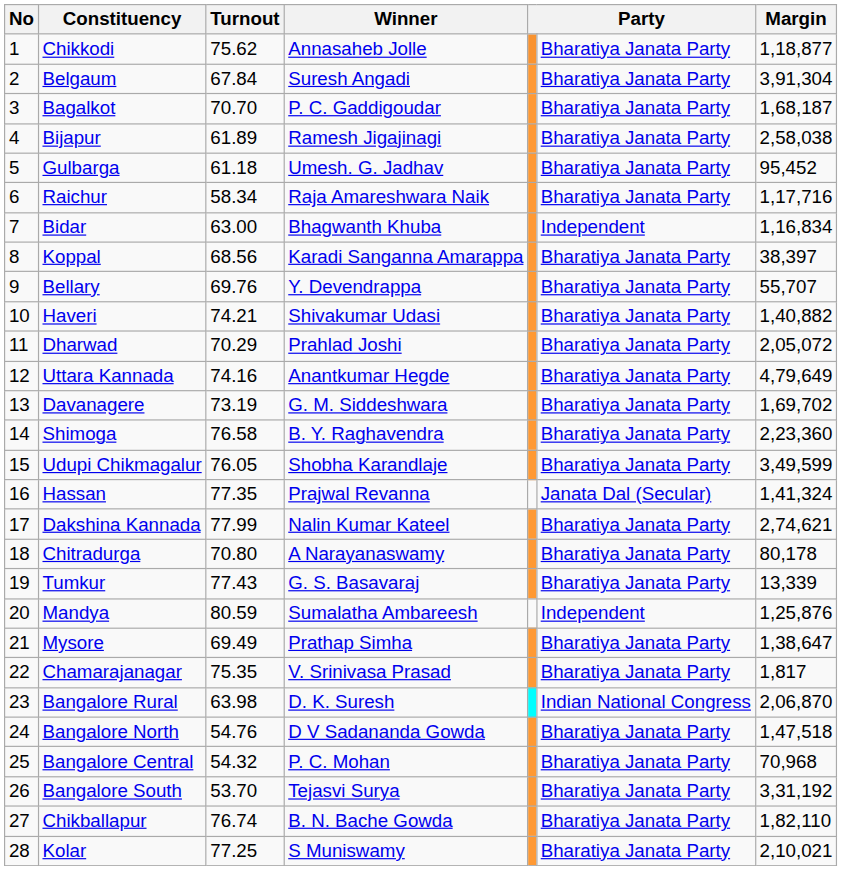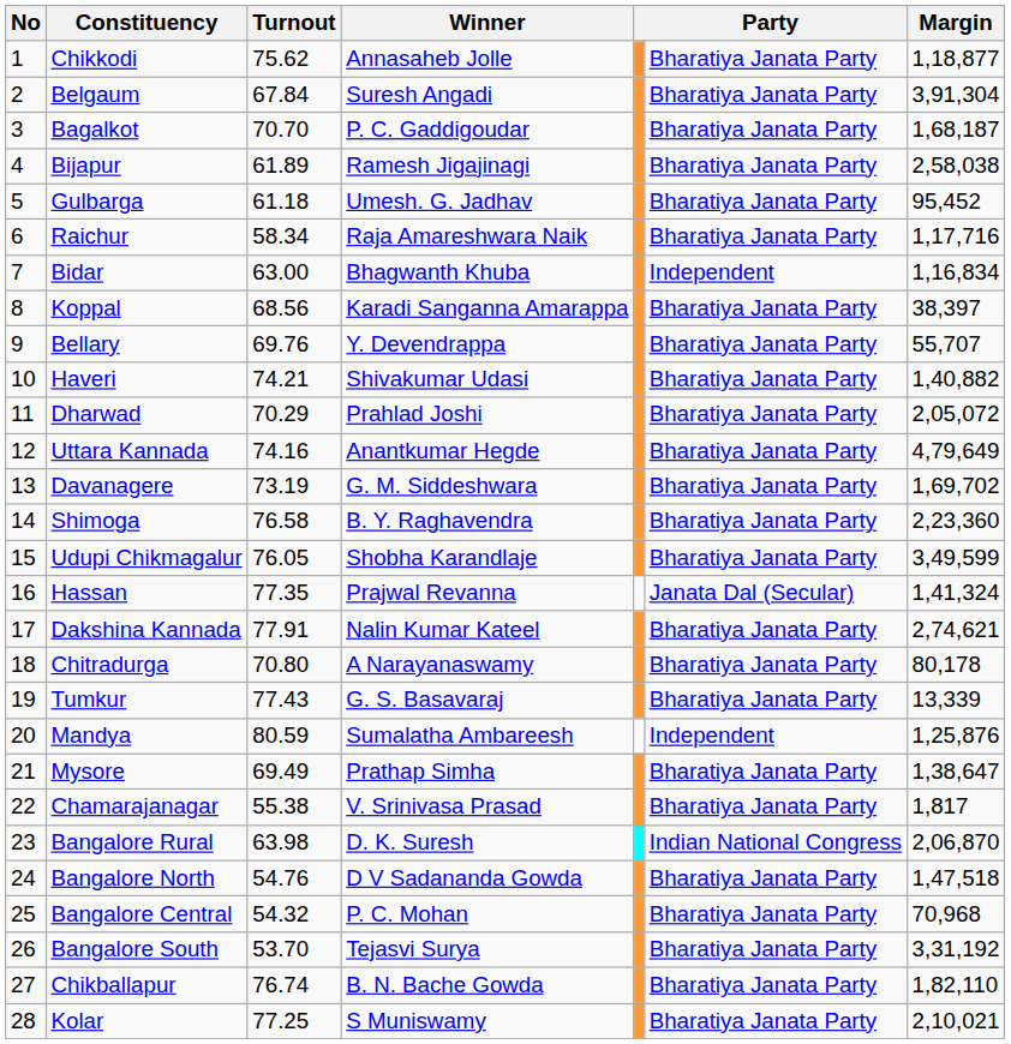 <table class="wikitable sortable">
 <tr>
 <th>No</th>
 <th>Constituency</th>
 <th>Turnout<strong></strong></th>
 <th>Winner</th>
 <th colspan="2">Party</th>
 <th>Margin</th>
 </tr>
 <tr>
 <td>1</td>
 <td><a href='#'>Chikkodi</a></td>
 <td>75.62 </td>
 <td><a href='#'>Annasaheb Jolle</a></td>
 <td bgcolor=#F9933></td>
 <td><a href='#'>Bharatiya Janata Party</a></td>
 <td>1,18,877</td>
 </tr>
 <tr>
 <td>2</td>
 <td><a href='#'>Belgaum</a></td>
 <td>67.84 </td>
 <td><a href='#'>Suresh Angadi</a></td>
 <td bgcolor=#FF9933></td>
 <td><a href='#'>Bharatiya Janata Party</a></td>
 <td>3,91,304</td>
 </tr>
 <tr>
 <td>3</td>
 <td><a href='#'>Bagalkot</a></td>
 <td>70.70 </td>
 <td><a href='#'>P. C. Gaddigoudar</a></td>
 <td bgcolor=#FF9933></td>
 <td><a href='#'>Bharatiya Janata Party</a></td>
 <td>1,68,187</td>
 </tr>
 <tr>
 <td>4</td>
 <td><a href='#'>Bijapur</a></td>
 <td>61.89 </td>
 <td><a href='#'>Ramesh Jigajinagi</a></td>
 <td bgcolor=#FF9933></td>
 <td><a href='#'>Bharatiya Janata Party</a></td>
 <td>2,58,038</td>
 </tr>
 <tr>
 <td>5</td>
 <td><a href='#'>Gulbarga</a></td>
 <td>61.18 </td>
 <td><a href='#'>Umesh. G. Jadhav</a></td>
 <td bgcolor=#FF9933></td>
 <td><a href='#'>Bharatiya Janata Party</a></td>
 <td>95,452</td>
 </tr>
 <tr>
 <td>6</td>
 <td><a href='#'>Raichur</a></td>
 <td>58.34 </td>
 <td><a href='#'>Raja Amareshwara Naik</a></td>
 <td bgcolor=#FF9933></td>
 <td><a href='#'>Bharatiya Janata Party</a></td>
 <td>1,17,716</td>
 </tr>
 <tr>
 <td>7</td>
 <td><a href='#'>Bidar</a></td>
 <td>63.00 </td>
 <td><a href='#'>Bhagwanth Khuba</a></td>
 <td bgcolor=#FF9933></td>
 <td><a href='#'>Independent</a></td>
 <td>1,16,834</td>
 </tr>
 <tr>
 <td>8</td>
 <td><a href='#'>Koppal</a></td>
 <td>68.56 </td>
 <td><a href='#'>Karadi Sanganna Amarappa</a></td>
 <td bgcolor=#FF9933></td>
 <td><a href='#'>Bharatiya Janata Party</a></td>
 <td>38,397</td>
 </tr>
 <tr>
 <td>9</td>
 <td><a href='#'>Bellary</a></td>
 <td>69.76 </td>
 <td><a href='#'>Y. Devendrappa</a></td>
 <td bgcolor=#FF9933></td>
 <td><a href='#'>Bharatiya Janata Party</a></td>
 <td>55,707</td>
 </tr>
 <tr>
 <td>10</td>
 <td><a href='#'>Haveri</a></td>
 <td>74.21 </td>
 <td><a href='#'>Shivakumar Udasi</a></td>
 <td bgcolor=#FF9933></td>
 <td><a href='#'>Bharatiya Janata Party</a></td>
 <td>1,40,882</td>
 </tr>
 <tr>
 <td>11</td>
 <td><a href='#'>Dharwad</a></td>
 <td>70.29 </td>
 <td><a href='#'>Prahlad Joshi</a></td>
 <td bgcolor=#FF9933></td>
 <td><a href='#'>Bharatiya Janata Party</a></td>
 <td>2,05,072</td>
 </tr>
 <tr>
 <td>12</td>
 <td><a href='#'>Uttara Kannada</a></td>
 <td>74.16 </td>
 <td><a href='#'>Anantkumar Hegde</a></td>
 <td bgcolor=#FF9933></td>
 <td><a href='#'>Bharatiya Janata Party</a></td>
 <td>4,79,649</td>
 </tr>
 <tr>
 <td>13</td>
 <td><a href='#'>Davanagere</a></td>
 <td>73.19 </td>
 <td><a href='#'>G. M. Siddeshwara</a></td>
 <td bgcolor=#FF9933></td>
 <td><a href='#'>Bharatiya Janata Party</a></td>
 <td>1,69,702</td>
 </tr>
 <tr>
 <td>14</td>
 <td><a href='#'>Shimoga</a></td>
 <td>76.58 </td>
 <td><a href='#'>B. Y. Raghavendra</a></td>
 <td bgcolor=#FF9933></td>
 <td><a href='#'>Bharatiya Janata Party</a></td>
 <td>2,23,360</td>
 </tr>
 <tr>
 <td>15</td>
 <td><a href='#'>Udupi Chikmagalur</a></td>
 <td>76.05 </td>
 <td><a href='#'>Shobha Karandlaje</a></td>
 <td bgcolor=#FF9933></td>
 <td><a href='#'>Bharatiya Janata Party</a></td>
 <td>3,49,599</td>
 </tr>
 <tr>
 <td>16</td>
 <td><a href='#'>Hassan</a></td>
 <td>77.35 </td>
 <td><a href='#'>Prajwal Revanna</a></td>
 <td style="background:"></td>
 <td><a href='#'>Janata Dal (Secular)</a></td>
 <td>1,41,324</td>
 </tr>
 <tr>
 <td>17</td>
 <td><a href='#'>Dakshina Kannada</a></td>
-<td>77.99 </td>
+<td>77.91 </td>
 <td><a href='#'>Nalin Kumar Kateel</a></td>
 <td bgcolor=#FF9933></td>
 <td><a href='#'>Bharatiya Janata Party</a></td>
 <td>2,74,621</td>
 </tr>
 <tr>
 <td>18</td>
 <td><a href='#'>Chitradurga</a></td>
 <td>70.80 </td>
 <td><a href='#'>A Narayanaswamy</a></td>
 <td bgcolor=#FF9933></td>
 <td><a href='#'>Bharatiya Janata Party</a></td>
 <td>80,178</td>
 </tr>
 <tr>
 <td>19</td>
 <td><a href='#'>Tumkur</a></td>
 <td>77.43 </td>
 <td><a href='#'>G. S. Basavaraj</a></td>
 <td bgcolor=#FF9933></td>
 <td><a href='#'>Bharatiya Janata Party</a></td>
 <td>13,339</td>
 </tr>
 <tr>
 <td>20</td>
 <td><a href='#'>Mandya</a></td>
 <td>80.59 </td>
 <td><a href='#'>Sumalatha Ambareesh</a></td>
 <td></td>
 <td><a href='#'>Independent</a></td>
 <td>1,25,876</td>
 </tr>
 <tr>
 <td>21</td>
 <td><a href='#'>Mysore</a></td>
 <td>69.49 </td>
 <td><a href='#'>Prathap Simha</a></td>
 <td bgcolor=#FF9933></td>
 <td><a href='#'>Bharatiya Janata Party</a></td>
 <td>1,38,647</td>
 </tr>
 <tr>
 <td>22</td>
 <td><a href='#'>Chamarajanagar</a></td>
-<td>75.35 </td>
+<td>55.38 </td>
 <td><a href='#'>V. Srinivasa Prasad</a></td>
 <td bgcolor=#FF9933></td>
 <td><a href='#'>Bharatiya Janata Party</a></td>
 <td>1,817</td>
 </tr>
 <tr>
 <td>23</td>
 <td><a href='#'>Bangalore Rural</a></td>
 <td>63.98 </td>
 <td><a href='#'>D. K. Suresh</a></td>
 <td bgcolor=#00FFFF></td>
 <td><a href='#'>Indian National Congress</a></td>
 <td>2,06,870</td>
 </tr>
 <tr>
 <td>24</td>
 <td><a href='#'>Bangalore North</a></td>
 <td>54.76 </td>
 <td><a href='#'>D V Sadananda Gowda</a></td>
 <td bgcolor=#FF9933></td>
 <td><a href='#'>Bharatiya Janata Party</a></td>
 <td>1,47,518</td>
 </tr>
 <tr>
 <td>25</td>
 <td><a href='#'>Bangalore Central</a></td>
 <td>54.32 </td>
 <td><a href='#'>P. C. Mohan</a></td>
 <td bgcolor=#FF9933></td>
 <td><a href='#'>Bharatiya Janata Party</a></td>
 <td>70,968</td>
 </tr>
 <tr>
 <td>26</td>
 <td><a href='#'>Bangalore South</a></td>
 <td>53.70 </td>
 <td><a href='#'>Tejasvi Surya</a></td>
 <td bgcolor=#FF9933></td>
 <td><a href='#'>Bharatiya Janata Party</a></td>
 <td>3,31,192</td>
 </tr>
 <tr>
 <td>27</td>
 <td><a href='#'>Chikballapur</a></td>
 <td>76.74 </td>
 <td><a href='#'>B. N. Bache Gowda</a></td>
 <td bgcolor=#FF9933></td>
 <td><a href='#'>Bharatiya Janata Party</a></td>
 <td>1,82,110</td>
 </tr>
 <tr>
 <td>28</td>
 <td><a href='#'>Kolar</a></td>
 <td>77.25 </td>
 <td><a href='#'>S Muniswamy</a></td>
 <td bgcolor=#FF9933></td>
 <td><a href='#'>Bharatiya Janata Party</a></td>
 <td>2,10,021</td>
 </tr>
 </table>
